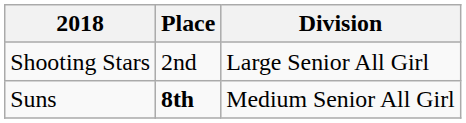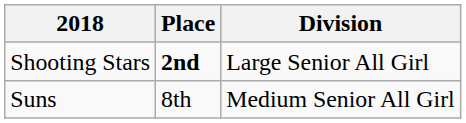 <table class="wikitable">
 <tr>
 <th>2018</th>
 <th>Place</th>
 <th>Division</th>
 </tr>
 <tr>
 <td>Shooting Stars</td>
-<td>2nd</td>
+<td><strong>2nd</strong></td>
 <td>Large Senior All Girl</td>
 </tr>
 <tr>
 <td>Suns</td>
-<td><strong>8th</strong></td>
+<td>8th</td>
 <td>Medium Senior All Girl</td>
 </tr>
 </table>
